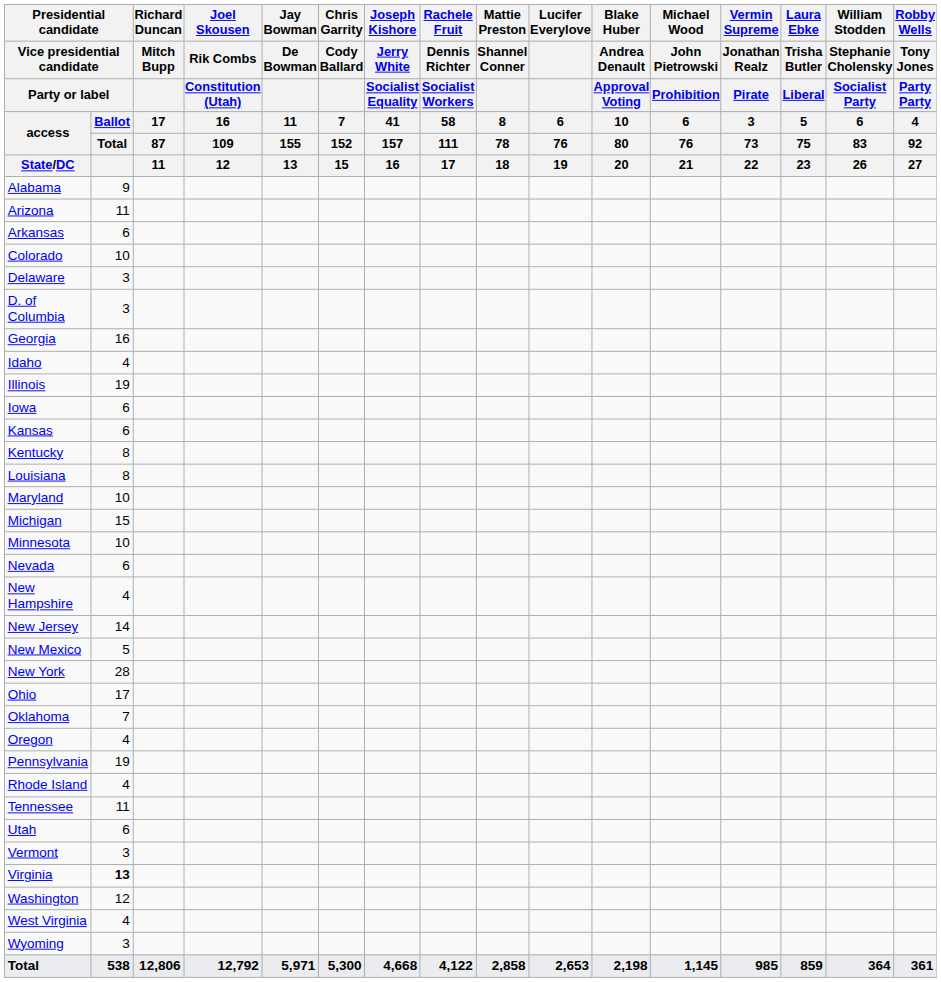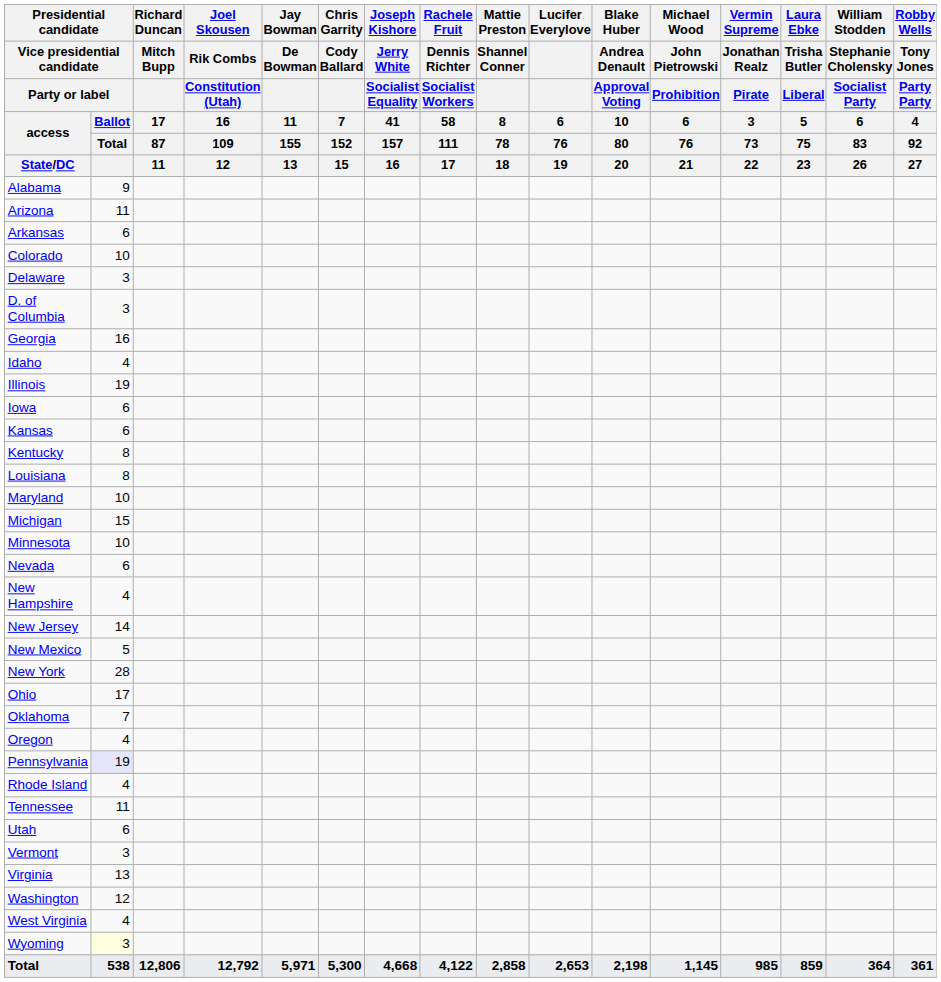 <table class="wikitable sortable collapsible collapsed" style="text-align:right; font-size:90%; line-height:1.2; width:1em; border:none">
 <tr style=font-size:95%>
 <th class=mw-collapsible id=mw-customcollapsible-p colspan=2>Presidential candidate</th>
 <th class=mw-collapsible id=mw-customcollapsible-p style=padding:1px>Richard Duncan</th>
 <th class=mw-collapsible id=mw-customcollapsible-p style=padding:1px><a href='#'>Joel Skousen</a></th>
 <th class=mw-collapsible id=mw-customcollapsible-p style=padding:1px>Jay Bowman</th>
 <th class=mw-collapsible id=mw-customcollapsible-p style=padding:1px>Chris Garrity</th>
 <th class=mw-collapsible id=mw-customcollapsible-p style=padding:1px><a href='#'>Joseph Kishore</a></th>
 <th class=mw-collapsible id=mw-customcollapsible-p style=padding:1px><a href='#'>Rachele Fruit</a></th>
 <th class=mw-collapsible id=mw-customcollapsible-p style=padding:1px>Mattie Preston</th>
 <th class=mw-collapsible id=mw-customcollapsible-p style=padding:1px>Lucifer Everylove</th>
 <th class=mw-collapsible id=mw-customcollapsible-p style=padding:1px>Blake Huber</th>
 <th class=mw-collapsible id=mw-customcollapsible-p style=padding:1px>Michael Wood</th>
 <th class=mw-collapsible id=mw-customcollapsible-p style=padding:1px><a href='#'>Vermin Supreme</a></th>
 <th class=mw-collapsible id=mw-customcollapsible-p style=padding:1px><a href='#'>Laura Ebke</a></th>
 <th class=mw-collapsible id=mw-customcollapsible-p style=padding:1px>William Stodden</th>
 <th class=mw-collapsible id=mw-customcollapsible-p style=padding:1px><a href='#'>Robby Wells</a></th>
 </tr>
 <tr style=font-size:95%>
 <th class="mw-collapsible mw-collapsed" id=mw-customcollapsible-v colspan=2>Vice presidential candidate</th>
 <th class="mw-collapsible mw-collapsed" id=mw-customcollapsible-v style=padding:1px>Mitch Bupp</th>
 <th class="mw-collapsible mw-collapsed" id=mw-customcollapsible-v style=padding:1px>Rik Combs</th>
 <th class="mw-collapsible mw-collapsed" id=mw-customcollapsible-v style=padding:1px>De Bowman</th>
 <th class="mw-collapsible mw-collapsed" id=mw-customcollapsible-v style=padding:1px>Cody Ballard</th>
 <th class="mw-collapsible mw-collapsed" id=mw-customcollapsible-v style=padding:1px><a href='#'>Jerry White</a></th>
 <th class="mw-collapsible mw-collapsed" id=mw-customcollapsible-v style=padding:1px>Dennis Richter</th>
 <th class="mw-collapsible mw-collapsed" id=mw-customcollapsible-v style=padding:1px>Shannel Conner</th>
 <th class="mw-collapsible mw-collapsed" id=mw-customcollapsible-v style=padding:1px></th>
 <th class="mw-collapsible mw-collapsed" id=mw-customcollapsible-v style=padding:1px>Andrea Denault</th>
 <th class="mw-collapsible mw-collapsed" id=mw-customcollapsible-v style=padding:1px>John Pietrowski</th>
 <th class="mw-collapsible mw-collapsed" id=mw-customcollapsible-v style=padding:1px>Jonathan Realz</th>
 <th class="mw-collapsible mw-collapsed" id=mw-customcollapsible-v style=padding:1px>Trisha Butler</th>
 <th class="mw-collapsible mw-collapsed" id=mw-customcollapsible-v style=padding:1px>Stephanie Cholensky</th>
 <th class="mw-collapsible mw-collapsed" id=mw-customcollapsible-v style=padding:1px>Tony Jones</th>
 </tr>
 <tr style=font-size:95%>
 <th class=mw-collapsible id=mw-customcollapsible-a colspan=2>Party or label</th>
 <th class=mw-collapsible id=mw-customcollapsible-a style=padding:1px></th>
 <th class=mw-collapsible id=mw-customcollapsible-a style=padding:1px><a href='#'>Constitution (Utah)</a></th>
 <th class=mw-collapsible id=mw-customcollapsible-a style=padding:1px></th>
 <th class=mw-collapsible id=mw-customcollapsible-a style=padding:1px></th>
 <th class=mw-collapsible id=mw-customcollapsible-a style=padding:1px><a href='#'>Socialist Equality</a></th>
 <th class=mw-collapsible id=mw-customcollapsible-a style=padding:1px><a href='#'>Socialist Workers</a></th>
 <th class=mw-collapsible id=mw-customcollapsible-a style=padding:1px></th>
 <th class=mw-collapsible id=mw-customcollapsible-a style=padding:1px></th>
 <th class=mw-collapsible id=mw-customcollapsible-a style=padding:1px><a href='#'>Approval Voting</a></th>
 <th class=mw-collapsible id=mw-customcollapsible-a style=padding:1px><a href='#'>Prohibition</a></th>
 <th class=mw-collapsible id=mw-customcollapsible-a style=padding:1px><a href='#'>Pirate</a></th>
 <th class=mw-collapsible id=mw-customcollapsible-a style=padding:1px><a href='#'>Liberal</a></th>
 <th class=mw-collapsible id=mw-customcollapsible-a style=padding:1px><a href='#'>Socialist Party</a></th>
 <th class=mw-collapsible id=mw-customcollapsible-a style=padding:1px><a href='#'>Party Party</a></th>
 </tr>
 <tr style=font-size:95%>
 <th class="mw-collapsible mw-collapsed" id=mw-customcollapsible-b rowspan=2><a href='#'></a> access</th>
 <th class="mw-collapsible mw-collapsed" id=mw-customcollapsible-b><a href='#'>Ballot</a></th>
 <th class="mw-collapsible mw-collapsed" id=mw-customcollapsible-b>17</th>
 <th class="mw-collapsible mw-collapsed" id=mw-customcollapsible-b>16</th>
 <th class="mw-collapsible mw-collapsed" id=mw-customcollapsible-b>11</th>
 <th class="mw-collapsible mw-collapsed" id=mw-customcollapsible-b>7</th>
 <th class="mw-collapsible mw-collapsed" id=mw-customcollapsible-b>41</th>
 <th class="mw-collapsible mw-collapsed" id=mw-customcollapsible-b>58</th>
 <th class="mw-collapsible mw-collapsed" id=mw-customcollapsible-b>8</th>
 <th class="mw-collapsible mw-collapsed" id=mw-customcollapsible-b>6</th>
 <th class="mw-collapsible mw-collapsed" id=mw-customcollapsible-b>10</th>
 <th class="mw-collapsible mw-collapsed" id=mw-customcollapsible-b>6</th>
 <th class="mw-collapsible mw-collapsed" id=mw-customcollapsible-b>3</th>
 <th class="mw-collapsible mw-collapsed" id=mw-customcollapsible-b>5</th>
 <th class="mw-collapsible mw-collapsed" id=mw-customcollapsible-b>6</th>
 <th class="mw-collapsible mw-collapsed" id=mw-customcollapsible-b>4</th>
 </tr>
 <tr style=font-size:95%>
 <th class="mw-collapsible mw-collapsed" id=mw-customcollapsible-b>Total</th>
 <th class="mw-collapsible mw-collapsed" id=mw-customcollapsible-b>87</th>
 <th class="mw-collapsible mw-collapsed" id=mw-customcollapsible-b>109</th>
 <th class="mw-collapsible mw-collapsed" id=mw-customcollapsible-b>155</th>
 <th class="mw-collapsible mw-collapsed" id=mw-customcollapsible-b>152</th>
 <th class="mw-collapsible mw-collapsed" id=mw-customcollapsible-b>157</th>
 <th class="mw-collapsible mw-collapsed" id=mw-customcollapsible-b>111</th>
 <th class="mw-collapsible mw-collapsed" id=mw-customcollapsible-b>78</th>
 <th class="mw-collapsible mw-collapsed" id=mw-customcollapsible-b>76</th>
 <th class="mw-collapsible mw-collapsed" id=mw-customcollapsible-b>80</th>
 <th class="mw-collapsible mw-collapsed" id=mw-customcollapsible-b>76</th>
 <th class="mw-collapsible mw-collapsed" id=mw-customcollapsible-b>73</th>
 <th class="mw-collapsible mw-collapsed" id=mw-customcollapsible-b>75</th>
 <th class="mw-collapsible mw-collapsed" id=mw-customcollapsible-b>83</th>
 <th class="mw-collapsible mw-collapsed" id=mw-customcollapsible-b>92</th>
 </tr>
 <tr style=font-size:95%>
 <th><a href='#'>State</a>/<a href='#'>DC</a></th>
 <th><a href='#'></a></th>
 <th>11</th>
 <th>12</th>
 <th>13</th>
 <th>15</th>
 <th>16</th>
 <th>17</th>
 <th>18</th>
 <th>19</th>
 <th>20</th>
 <th>21</th>
 <th>22</th>
 <th>23</th>
 <th>26</th>
 <th>27</th>
 </tr>
 <tr>
 <td style=text-align:left><a href='#'>Alabama</a></td>
 <td>9</td>
 <td></td>
 <td></td>
 <td></td>
 <td></td>
 <td></td>
 <td></td>
 <td></td>
 <td></td>
 <td></td>
 <td></td>
 <td></td>
 <td></td>
 <td></td>
 <td></td>
 </tr>
 <tr>
 <td style=text-align:left><a href='#'>Arizona</a></td>
 <td>11</td>
 <td></td>
 <td></td>
 <td></td>
 <td></td>
 <td></td>
 <td></td>
 <td></td>
 <td></td>
 <td></td>
 <td></td>
 <td></td>
 <td></td>
 <td></td>
 <td></td>
 </tr>
 <tr>
 <td style=text-align:left><a href='#'>Arkansas</a></td>
 <td>6</td>
 <td></td>
 <td></td>
 <td></td>
 <td></td>
 <td></td>
 <td></td>
 <td></td>
 <td></td>
 <td></td>
 <td></td>
 <td></td>
 <td></td>
 <td></td>
 <td></td>
 </tr>
 <tr>
 <td style=text-align:left><a href='#'>Colorado</a></td>
 <td>10</td>
 <td></td>
 <td></td>
 <td></td>
 <td></td>
 <td></td>
 <td></td>
 <td></td>
 <td></td>
 <td></td>
 <td></td>
 <td></td>
 <td></td>
 <td></td>
 <td></td>
 </tr>
 <tr>
 <td style=text-align:left><a href='#'>Delaware</a></td>
 <td>3</td>
 <td></td>
 <td></td>
 <td></td>
 <td></td>
 <td></td>
 <td></td>
 <td></td>
 <td></td>
 <td></td>
 <td></td>
 <td></td>
 <td></td>
 <td></td>
 <td></td>
 </tr>
 <tr>
 <td style=text-align:left><a href='#'>D. of Columbia</a></td>
 <td>3</td>
 <td></td>
 <td></td>
 <td></td>
 <td></td>
 <td></td>
 <td></td>
 <td></td>
 <td></td>
 <td></td>
 <td></td>
 <td></td>
 <td></td>
 <td></td>
 <td></td>
 </tr>
 <tr>
 <td style=text-align:left><a href='#'>Georgia</a></td>
 <td>16</td>
 <td></td>
 <td></td>
 <td></td>
 <td></td>
 <td></td>
 <td></td>
 <td></td>
 <td></td>
 <td></td>
 <td></td>
 <td></td>
 <td></td>
 <td></td>
 <td></td>
 </tr>
 <tr>
 <td style=text-align:left><a href='#'>Idaho</a></td>
 <td>4</td>
 <td></td>
 <td></td>
 <td></td>
 <td></td>
 <td></td>
 <td></td>
 <td></td>
 <td></td>
 <td></td>
 <td></td>
 <td></td>
 <td></td>
 <td></td>
 <td></td>
 </tr>
 <tr>
 <td style=text-align:left><a href='#'>Illinois</a></td>
 <td>19</td>
 <td></td>
 <td></td>
 <td></td>
 <td></td>
 <td></td>
 <td></td>
 <td></td>
 <td></td>
 <td></td>
 <td></td>
 <td></td>
 <td></td>
 <td></td>
 <td></td>
 </tr>
 <tr>
 <td style=text-align:left><a href='#'>Iowa</a></td>
 <td>6</td>
 <td></td>
 <td></td>
 <td></td>
 <td></td>
 <td></td>
 <td></td>
 <td></td>
 <td></td>
 <td></td>
 <td></td>
 <td></td>
 <td></td>
 <td></td>
 <td></td>
 </tr>
 <tr>
 <td style=text-align:left><a href='#'>Kansas</a></td>
 <td>6</td>
 <td></td>
 <td></td>
 <td></td>
 <td></td>
 <td></td>
 <td></td>
 <td></td>
 <td></td>
 <td></td>
 <td></td>
 <td></td>
 <td></td>
 <td></td>
 <td></td>
 </tr>
 <tr>
 <td style=text-align:left><a href='#'>Kentucky</a></td>
 <td>8</td>
 <td></td>
 <td></td>
 <td></td>
 <td></td>
 <td></td>
 <td></td>
 <td></td>
 <td></td>
 <td></td>
 <td></td>
 <td></td>
 <td></td>
 <td></td>
 <td></td>
 </tr>
 <tr>
 <td style=text-align:left><a href='#'>Louisiana</a></td>
 <td>8</td>
 <td></td>
 <td></td>
 <td></td>
 <td></td>
 <td></td>
 <td></td>
 <td></td>
 <td></td>
 <td></td>
 <td></td>
 <td></td>
 <td></td>
 <td></td>
 <td></td>
 </tr>
 <tr>
 <td style=text-align:left><a href='#'>Maryland</a></td>
 <td>10</td>
 <td></td>
 <td></td>
 <td></td>
 <td></td>
 <td></td>
 <td></td>
 <td></td>
 <td></td>
 <td></td>
 <td></td>
 <td></td>
 <td></td>
 <td></td>
 <td></td>
 </tr>
 <tr>
 <td style=text-align:left><a href='#'>Michigan</a></td>
 <td>15</td>
 <td></td>
 <td></td>
 <td></td>
 <td></td>
 <td></td>
 <td></td>
 <td></td>
 <td></td>
 <td></td>
 <td></td>
 <td></td>
 <td></td>
 <td></td>
 <td></td>
 </tr>
 <tr>
 <td style=text-align:left><a href='#'>Minnesota</a></td>
 <td>10</td>
 <td></td>
 <td></td>
 <td></td>
 <td></td>
 <td></td>
 <td></td>
 <td></td>
 <td></td>
 <td></td>
 <td></td>
 <td></td>
 <td></td>
 <td></td>
 <td></td>
 </tr>
 <tr>
 <td style=text-align:left><a href='#'>Nevada</a></td>
 <td>6</td>
 <td></td>
 <td></td>
 <td></td>
 <td></td>
 <td></td>
 <td></td>
 <td></td>
 <td></td>
 <td></td>
 <td></td>
 <td></td>
 <td></td>
 <td></td>
 <td></td>
 </tr>
 <tr>
 <td style=text-align:left class=nowrap><a href='#'>New Hampshire</a></td>
 <td>4</td>
 <td></td>
 <td></td>
 <td></td>
 <td></td>
 <td></td>
 <td></td>
 <td></td>
 <td></td>
 <td></td>
 <td></td>
 <td></td>
 <td></td>
 <td></td>
 <td></td>
 </tr>
 <tr>
 <td style=text-align:left><a href='#'>New Jersey</a></td>
 <td>14</td>
 <td></td>
 <td></td>
 <td></td>
 <td></td>
 <td></td>
 <td></td>
 <td></td>
 <td></td>
 <td></td>
 <td></td>
 <td></td>
 <td></td>
 <td></td>
 <td></td>
 </tr>
 <tr>
 <td style=text-align:left><a href='#'>New Mexico</a></td>
 <td>5</td>
 <td></td>
 <td></td>
 <td></td>
 <td></td>
 <td></td>
 <td></td>
 <td></td>
 <td></td>
 <td></td>
 <td></td>
 <td></td>
 <td></td>
 <td></td>
 <td></td>
 </tr>
 <tr>
 <td style=text-align:left><a href='#'>New York</a></td>
 <td>28</td>
 <td></td>
 <td></td>
 <td></td>
 <td></td>
 <td></td>
 <td></td>
 <td></td>
 <td></td>
 <td></td>
 <td></td>
 <td></td>
 <td></td>
 <td></td>
 <td></td>
 </tr>
 <tr>
 <td style=text-align:left><a href='#'>Ohio</a></td>
 <td>17</td>
 <td></td>
 <td></td>
 <td></td>
 <td></td>
 <td></td>
 <td></td>
 <td></td>
 <td></td>
 <td></td>
 <td></td>
 <td></td>
 <td></td>
 <td></td>
 <td></td>
 </tr>
 <tr>
 <td style=text-align:left><a href='#'>Oklahoma</a></td>
 <td>7</td>
 <td></td>
 <td></td>
 <td></td>
 <td></td>
 <td></td>
 <td></td>
 <td></td>
 <td></td>
 <td></td>
 <td></td>
 <td></td>
 <td></td>
 <td></td>
 <td></td>
 </tr>
 <tr>
 <td style=text-align:left><a href='#'>Oregon</a></td>
 <td>4</td>
 <td></td>
 <td></td>
 <td></td>
 <td></td>
 <td></td>
 <td></td>
 <td></td>
 <td></td>
 <td></td>
 <td></td>
 <td></td>
 <td></td>
 <td></td>
 <td></td>
 </tr>
 <tr>
 <td style=text-align:left><a href='#'>Pennsylvania</a></td>
-<td>19</td>
+<td style="background: lavender;">19</td>
 <td></td>
 <td></td>
 <td></td>
 <td></td>
 <td></td>
 <td></td>
 <td></td>
 <td></td>
 <td></td>
 <td></td>
 <td></td>
 <td></td>
 <td></td>
 <td></td>
 </tr>
 <tr>
 <td style=text-align:left><a href='#'>Rhode Island</a></td>
 <td>4</td>
 <td></td>
 <td></td>
 <td></td>
 <td></td>
 <td></td>
 <td></td>
 <td></td>
 <td></td>
 <td></td>
 <td></td>
 <td></td>
 <td></td>
 <td></td>
 <td></td>
 </tr>
 <tr>
 <td style=text-align:left><a href='#'>Tennessee</a></td>
 <td>11</td>
 <td></td>
 <td></td>
 <td></td>
 <td></td>
 <td></td>
 <td></td>
 <td></td>
 <td></td>
 <td></td>
 <td></td>
 <td></td>
 <td></td>
 <td></td>
 <td></td>
 </tr>
 <tr>
 <td style=text-align:left><a href='#'>Utah</a></td>
 <td>6</td>
 <td></td>
 <td></td>
 <td></td>
 <td></td>
 <td></td>
 <td></td>
 <td></td>
 <td></td>
 <td></td>
 <td></td>
 <td></td>
 <td></td>
 <td></td>
 <td></td>
 </tr>
 <tr>
 <td style=text-align:left><a href='#'>Vermont</a></td>
 <td>3</td>
 <td></td>
 <td></td>
 <td></td>
 <td></td>
 <td></td>
 <td></td>
 <td></td>
 <td></td>
 <td></td>
 <td></td>
 <td></td>
 <td></td>
 <td></td>
 <td></td>
 </tr>
 <tr>
 <td style=text-align:left><a href='#'>Virginia</a></td>
-<td><strong>13</strong></td>
+<td>13</td>
 <td></td>
 <td></td>
 <td></td>
 <td></td>
 <td></td>
 <td></td>
 <td></td>
 <td></td>
 <td></td>
 <td></td>
 <td></td>
 <td></td>
 <td></td>
 <td></td>
 </tr>
 <tr>
 <td style=text-align:left><a href='#'>Washington</a></td>
 <td>12</td>
 <td></td>
 <td></td>
 <td></td>
 <td></td>
 <td></td>
 <td></td>
 <td></td>
 <td></td>
 <td></td>
 <td></td>
 <td></td>
 <td></td>
 <td></td>
 <td></td>
 </tr>
 <tr>
 <td style=text-align:left><a href='#'>West Virginia</a></td>
 <td>4</td>
 <td></td>
 <td></td>
 <td></td>
 <td></td>
 <td></td>
 <td></td>
 <td></td>
 <td></td>
 <td></td>
 <td></td>
 <td></td>
 <td></td>
 <td></td>
 <td></td>
 </tr>
 <tr>
 <td style=text-align:left><a href='#'>Wyoming</a></td>
-<td>3</td>
+<td style="background: lightyellow;">3</td>
 <td></td>
 <td></td>
 <td></td>
 <td></td>
 <td></td>
 <td></td>
 <td></td>
 <td></td>
 <td></td>
 <td></td>
 <td></td>
 <td></td>
 <td></td>
 <td></td>
 </tr>
 <tr class=sortbottom style="background:#EAECF0; font-weight:bold">
 <td style=text-align:left>Total</td>
 <td>538</td>
 <td>12,806</td>
 <td>12,792</td>
 <td>5,971</td>
 <td>5,300</td>
 <td>4,668</td>
 <td>4,122</td>
 <td>2,858</td>
 <td>2,653</td>
 <td>2,198</td>
 <td>1,145</td>
 <td>985</td>
 <td>859</td>
 <td>364</td>
 <td>361</td>
 </tr>
 </table>
